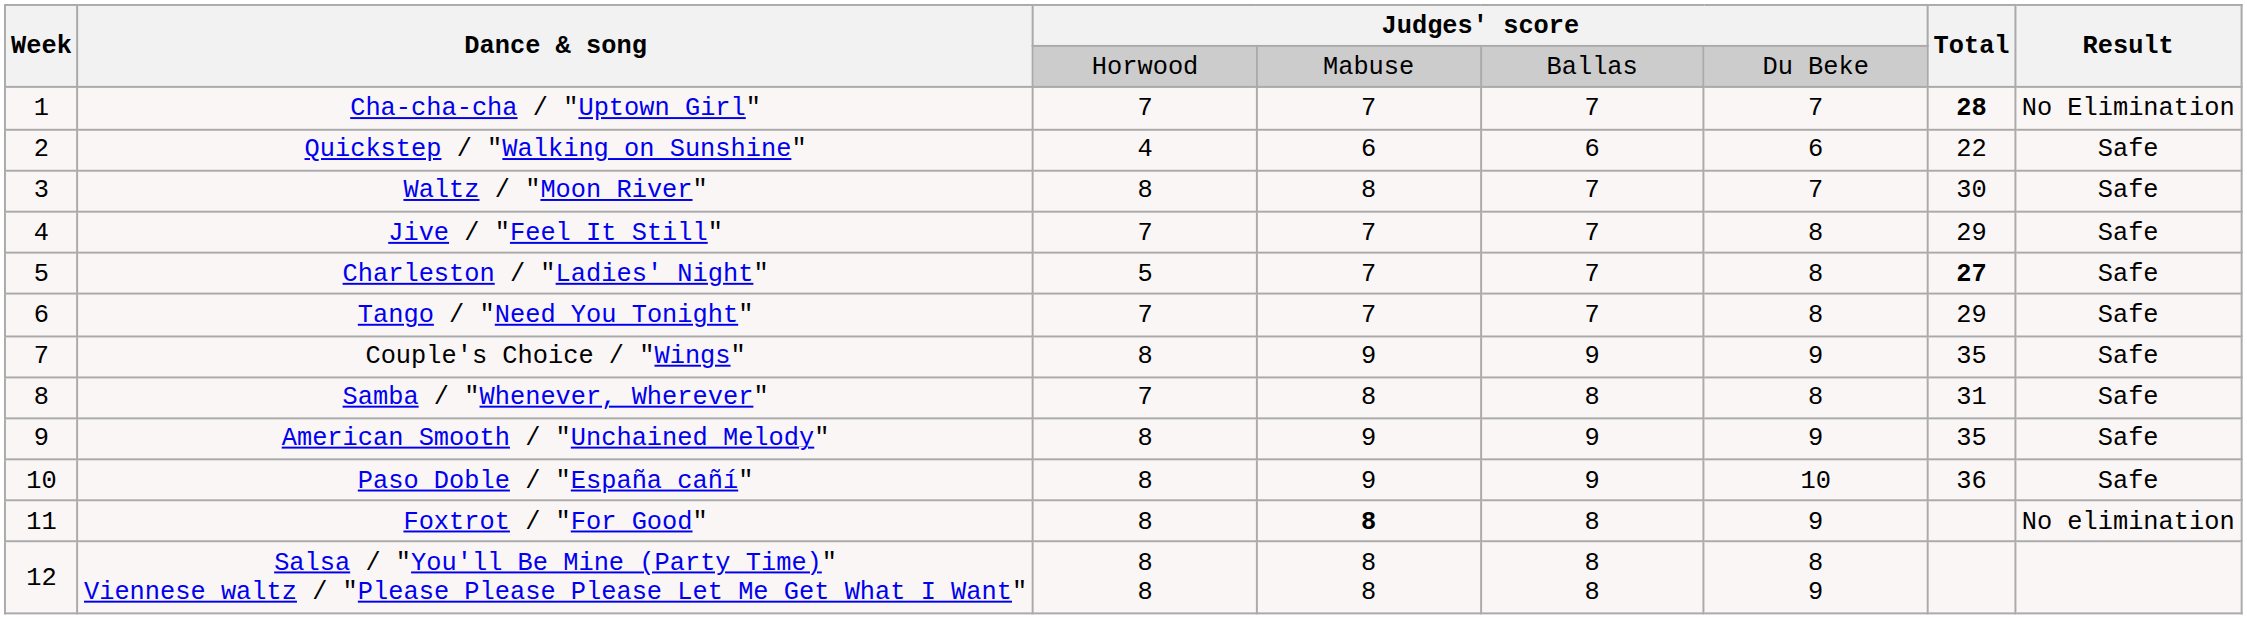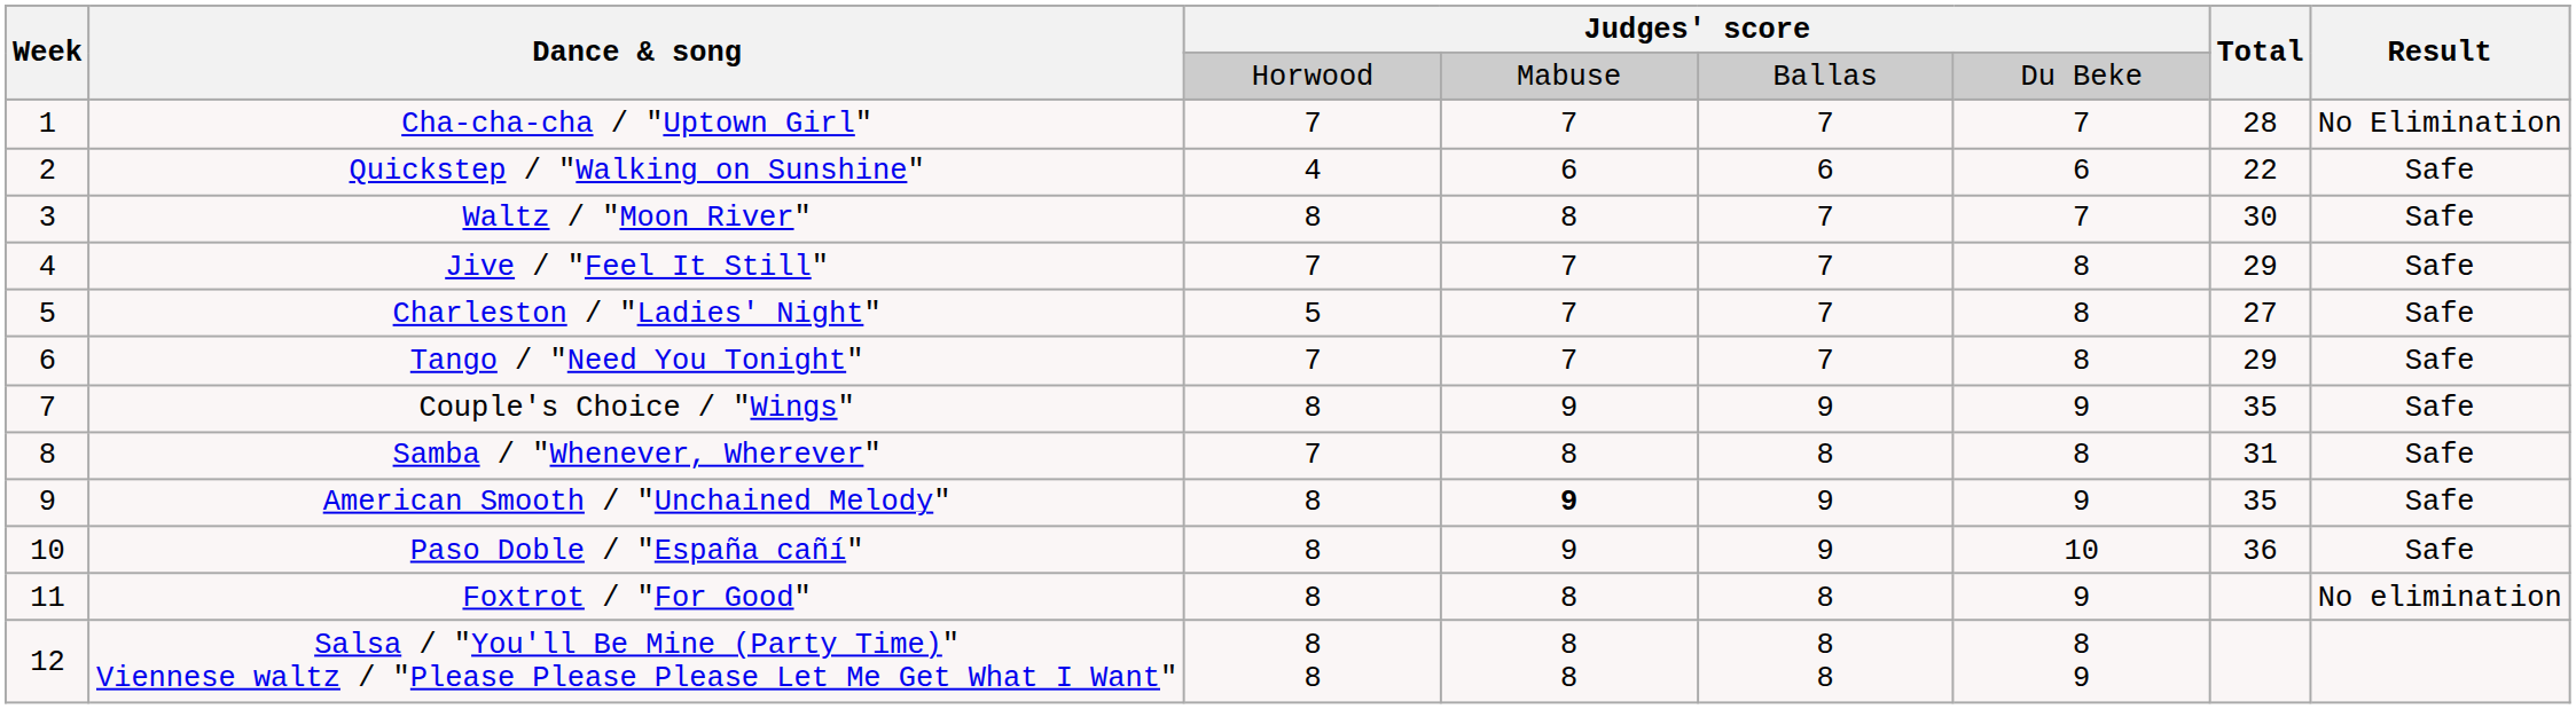 <table class="wikitable collapsible collapsed">
 <tr style="text-align:center; background:#ccc;">
 <th rowspan=2>Week</th>
 <th rowspan=2>Dance & song</th>
 <th colspan=4>Judges' score</th>
 <th rowspan=2>Total</th>
 <th rowspan=2>Result</th>
 </tr>
 <tr style="text-align:center; background:#ccc;">
 <td style="width:10%; ">Horwood</td>
 <td style="width:10%; ">Mabuse</td>
 <td style="width:10%; ">Ballas</td>
 <td style="width:10%; ">Du Beke</td>
 </tr>
 <tr style="text-align:center; background:#faf6f6;">
 <td>1</td>
 <td><a href='#'>Cha-cha-cha</a> / "<a href='#'>Uptown Girl</a>"</td>
 <td>7</td>
 <td>7</td>
 <td>7</td>
 <td>7</td>
-<td><strong>28</strong></td>
+<td>28</td>
 <td>No Elimination</td>
 </tr>
 <tr style="text-align:center; background:#faf6f6;">
 <td>2</td>
 <td><a href='#'>Quickstep</a> / "<a href='#'>Walking on Sunshine</a>"</td>
 <td>4</td>
 <td>6</td>
 <td>6</td>
 <td>6</td>
 <td>22</td>
 <td>Safe</td>
 </tr>
 <tr style="text-align:center; background:#faf6f6;">
 <td>3</td>
 <td><a href='#'>Waltz</a> / "<a href='#'>Moon River</a>"</td>
 <td>8</td>
 <td>8</td>
 <td>7</td>
 <td>7</td>
 <td>30</td>
 <td>Safe</td>
 </tr>
 <tr style="text-align:center; background:#faf6f6;">
 <td>4</td>
 <td><a href='#'>Jive</a> / "<a href='#'>Feel It Still</a>"</td>
 <td>7</td>
 <td>7</td>
 <td>7</td>
 <td>8</td>
 <td>29</td>
 <td>Safe</td>
 </tr>
 <tr style="text-align:center; background:#faf6f6;">
 <td>5</td>
 <td><a href='#'>Charleston</a> / "<a href='#'>Ladies' Night</a>"</td>
 <td>5</td>
 <td>7</td>
 <td>7</td>
 <td>8</td>
-<td><strong>27</strong></td>
+<td>27</td>
 <td>Safe</td>
 </tr>
 <tr style="text-align:center; background:#faf6f6;">
 <td>6</td>
 <td><a href='#'>Tango</a> / "<a href='#'>Need You Tonight</a>"</td>
 <td>7</td>
 <td>7</td>
 <td>7</td>
 <td>8</td>
 <td>29</td>
 <td>Safe</td>
 </tr>
 <tr style="text-align:center; background:#faf6f6;">
 <td>7</td>
 <td>Couple's Choice / "<a href='#'>Wings</a>"</td>
 <td>8</td>
 <td>9</td>
 <td>9</td>
 <td>9</td>
 <td>35</td>
 <td>Safe</td>
 </tr>
 <tr style="text-align:center; background:#faf6f6;">
 <td>8</td>
 <td><a href='#'>Samba</a> / "<a href='#'>Whenever, Wherever</a>"</td>
 <td>7</td>
 <td>8</td>
 <td>8</td>
 <td>8</td>
 <td>31</td>
 <td>Safe</td>
 </tr>
 <tr style="text-align:center; background:#faf6f6;">
 <td>9</td>
 <td><a href='#'>American Smooth</a> / "<a href='#'>Unchained Melody</a>"</td>
 <td>8</td>
-<td>9</td>
+<td><strong>9</strong></td>
 <td>9</td>
 <td>9</td>
 <td>35</td>
 <td>Safe</td>
 </tr>
 <tr style="text-align:center;background:#faf6f6;">
 <td>10</td>
 <td><a href='#'>Paso Doble</a> / "<a href='#'>España cañí</a>"</td>
 <td>8</td>
 <td>9</td>
 <td>9</td>
 <td>10</td>
 <td>36</td>
 <td>Safe</td>
 </tr>
 <tr style="text-align:center;background:#faf6f6;">
 <td>11</td>
 <td><a href='#'>Foxtrot</a> / "<a href='#'>For Good</a>"</td>
 <td>8</td>
-<td><strong>8</strong></td>
+<td>8</td>
 <td>8</td>
 <td>9</td>
 <td><em></em></td>
 <td>No elimination</td>
 </tr>
 <tr style="text-align:center;background:#faf6f6;">
 <td>12</td>
 <td><a href='#'>Salsa</a> / "<a href='#'>You'll Be Mine (Party Time)</a>"<br><a href='#'>Viennese waltz</a> / "<a href='#'>Please Please Please Let Me Get What I Want</a>"</td>
 <td>8<br>8</td>
 <td>8<br>8</td>
 <td>8<br>8</td>
 <td>8<br>9</td>
 <td><em></em><br><em></em></td>
 <td><em></em></td>
 </tr>
 </table>
